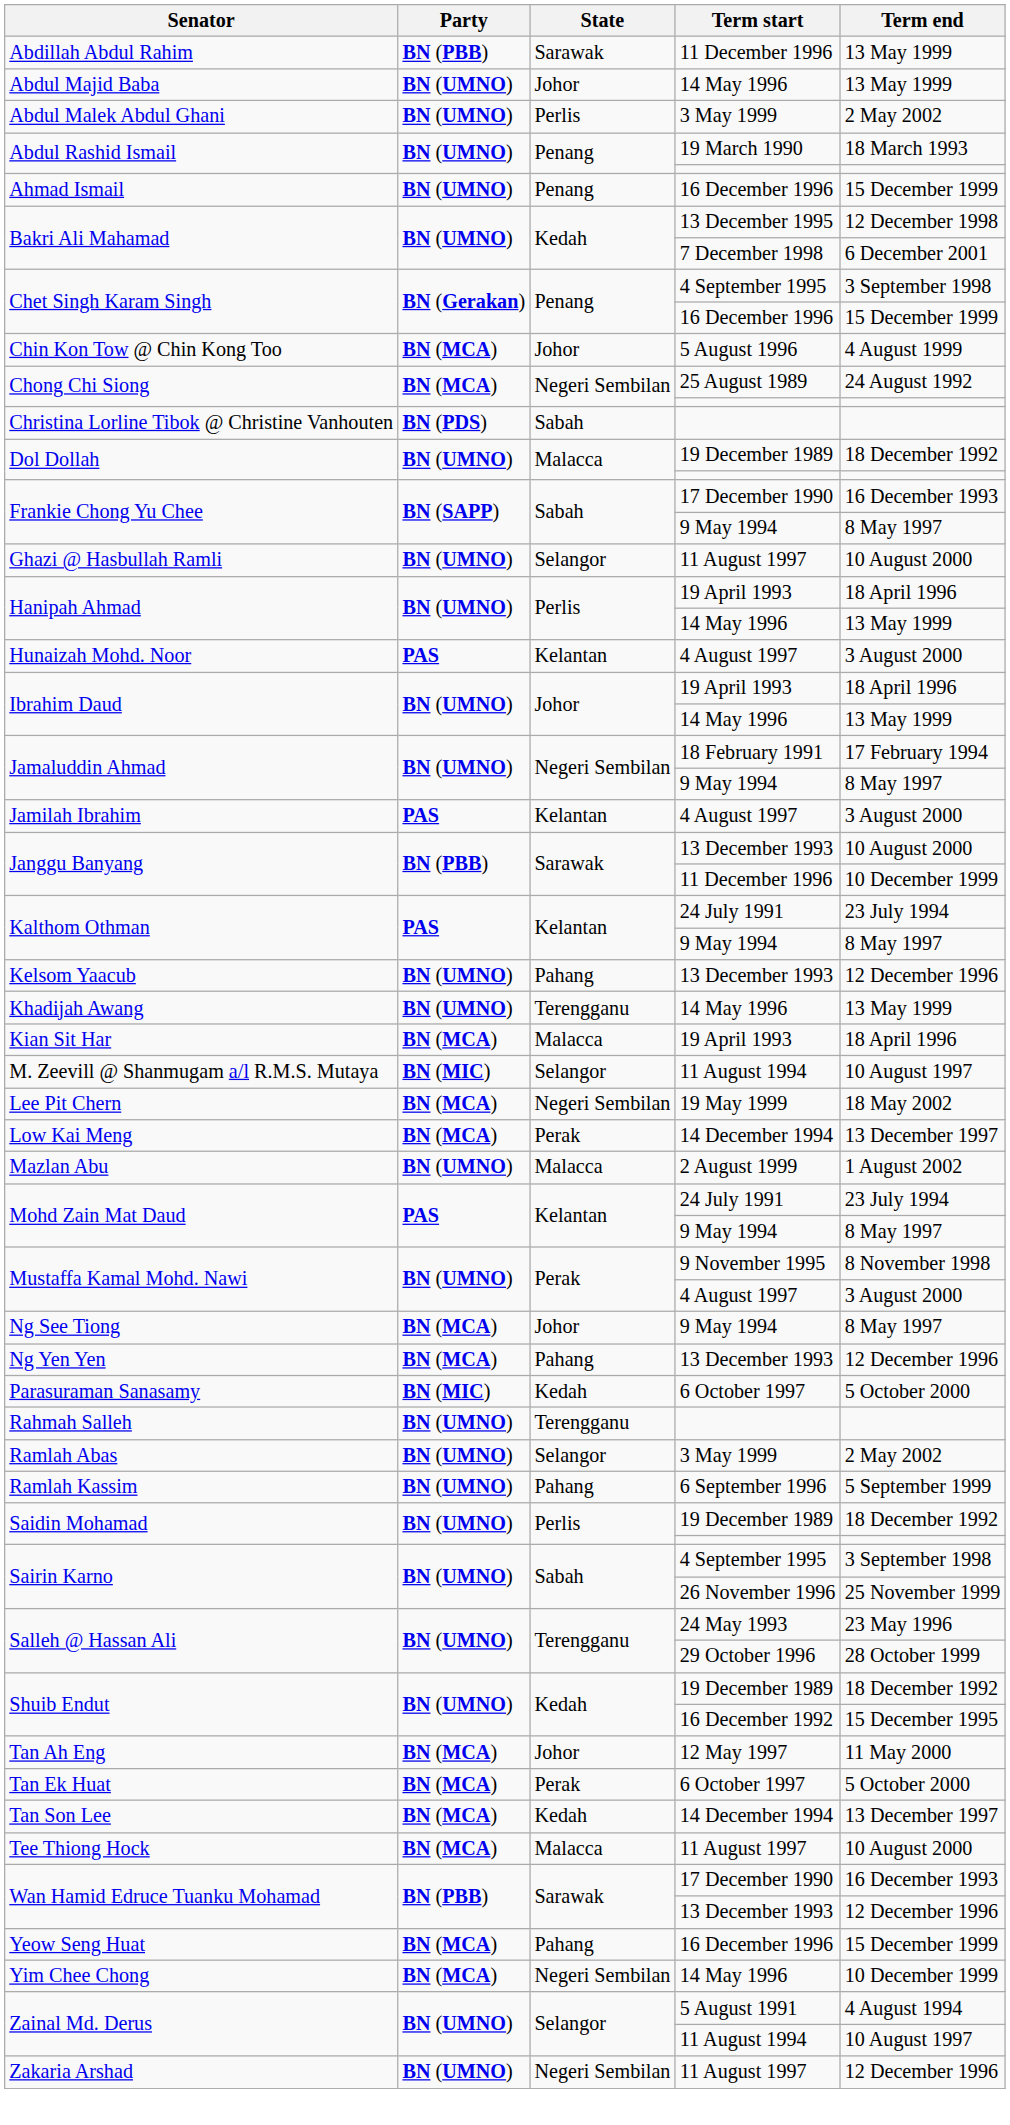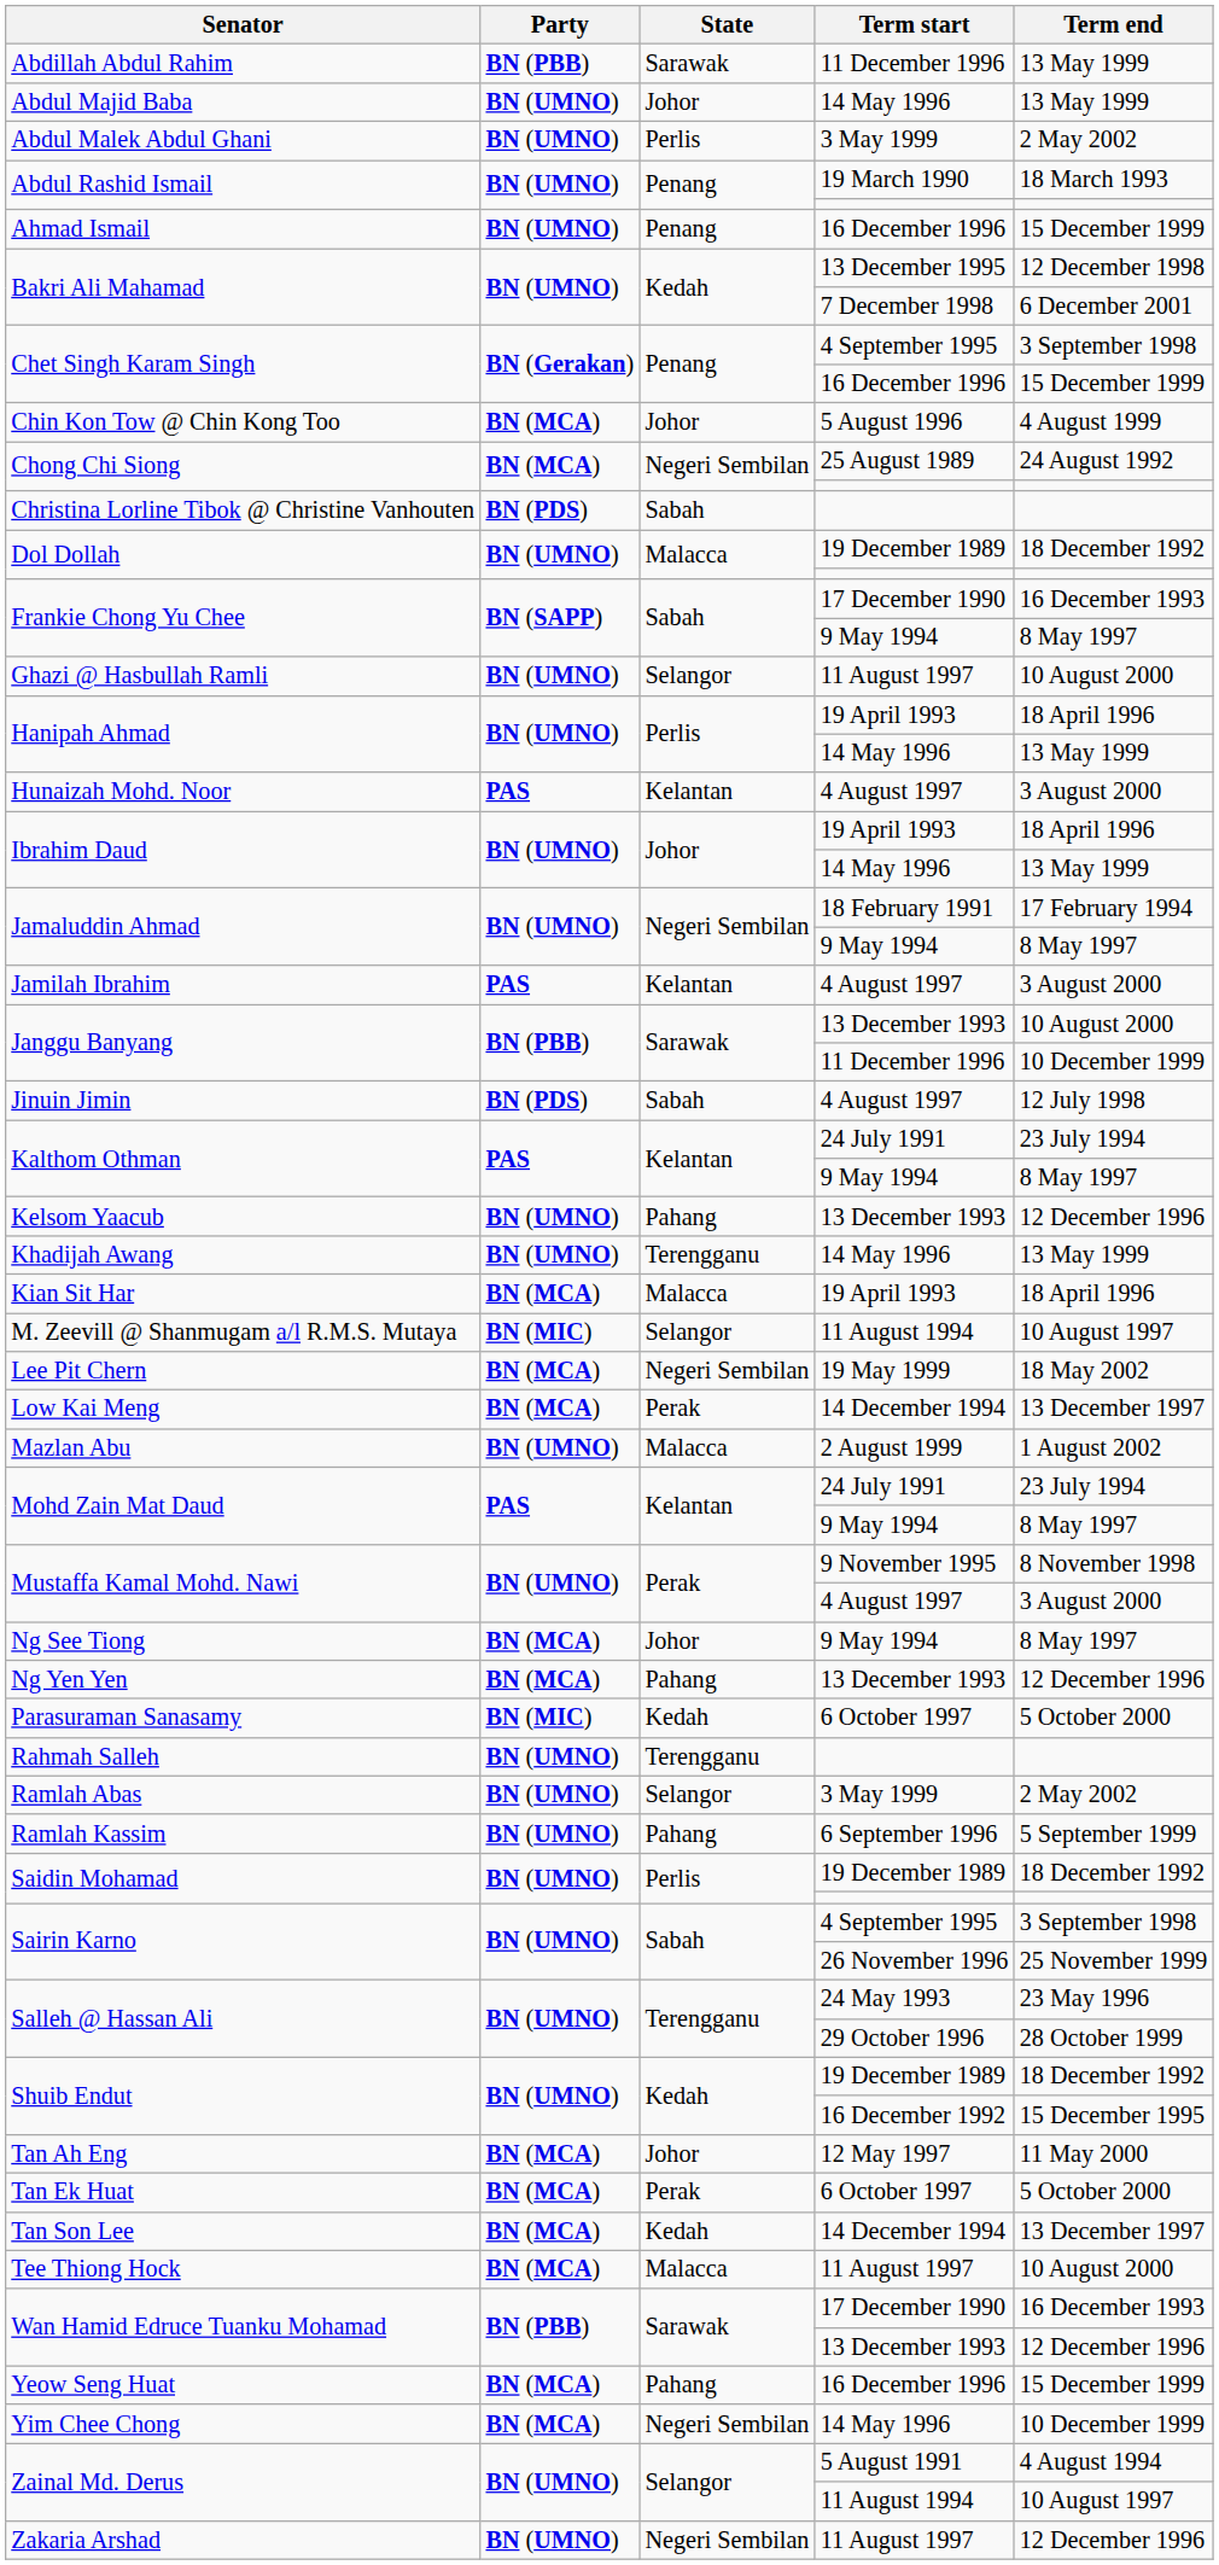 <table class="wikitable sortable">
 <tr>
 <th>Senator</th>
 <th>Party</th>
 <th>State</th>
 <th>Term start</th>
 <th>Term end</th>
 </tr>
 <tr>
 <td><a href='#'>Abdillah Abdul Rahim</a></td>
 <td><strong><a href='#'>BN</a></strong> (<strong><a href='#'>PBB</a></strong>)</td>
 <td>Sarawak</td>
 <td>11 December 1996</td>
 <td>13 May 1999</td>
 </tr>
 <tr>
 <td><a href='#'>Abdul Majid Baba</a></td>
 <td><strong><a href='#'>BN</a></strong> (<strong><a href='#'>UMNO</a></strong>)</td>
 <td>Johor</td>
 <td>14 May 1996</td>
 <td>13 May 1999</td>
 </tr>
 <tr>
 <td><a href='#'>Abdul Malek Abdul Ghani</a></td>
 <td><strong><a href='#'>BN</a></strong> (<strong><a href='#'>UMNO</a></strong>)</td>
 <td>Perlis</td>
 <td>3 May 1999</td>
 <td>2 May 2002</td>
 </tr>
 <tr>
 <td rowspan=2><a href='#'>Abdul Rashid Ismail</a></td>
 <td rowspan=2><strong><a href='#'>BN</a></strong> (<strong><a href='#'>UMNO</a></strong>)</td>
 <td rowspan=2>Penang</td>
 <td>19 March 1990</td>
 <td>18 March 1993</td>
 </tr>
 <tr>
 <td></td>
 <td></td>
 </tr>
 <tr>
 <td><a href='#'>Ahmad Ismail</a></td>
 <td><strong><a href='#'>BN</a></strong> (<strong><a href='#'>UMNO</a></strong>)</td>
 <td>Penang</td>
 <td>16 December 1996</td>
 <td>15 December 1999</td>
 </tr>
 <tr>
 <td rowspan=2><a href='#'>Bakri Ali Mahamad</a></td>
 <td rowspan=2><strong><a href='#'>BN</a></strong> (<strong><a href='#'>UMNO</a></strong>)</td>
 <td rowspan=2>Kedah</td>
 <td>13 December 1995</td>
 <td>12 December 1998</td>
 </tr>
 <tr>
 <td>7 December 1998</td>
 <td>6 December 2001</td>
 </tr>
 <tr>
 <td rowspan=2><a href='#'>Chet Singh Karam Singh</a></td>
 <td rowspan=2><strong><a href='#'>BN</a></strong> (<strong><a href='#'>Gerakan</a></strong>)</td>
 <td rowspan=2>Penang</td>
 <td>4 September 1995</td>
 <td>3 September 1998</td>
 </tr>
 <tr>
 <td>16 December 1996</td>
 <td>15 December 1999</td>
 </tr>
 <tr>
 <td><a href='#'>Chin Kon Tow</a> @ Chin Kong Too</td>
 <td><strong><a href='#'>BN</a></strong> (<strong><a href='#'>MCA</a></strong>)</td>
 <td>Johor</td>
 <td>5 August 1996</td>
 <td>4 August 1999</td>
 </tr>
 <tr>
 <td rowspan=2><a href='#'>Chong Chi Siong</a></td>
 <td rowspan=2><strong><a href='#'>BN</a></strong> (<strong><a href='#'>MCA</a></strong>)</td>
 <td rowspan=2>Negeri Sembilan</td>
 <td>25 August 1989</td>
 <td>24 August 1992</td>
 </tr>
 <tr>
 <td></td>
 <td></td>
 </tr>
 <tr>
 <td><a href='#'>Christina Lorline Tibok</a> @ Christine Vanhouten</td>
 <td><strong><a href='#'>BN</a></strong> (<strong><a href='#'>PDS</a></strong>)</td>
 <td>Sabah</td>
 <td></td>
 <td></td>
 </tr>
 <tr>
 <td rowspan=2><a href='#'>Dol Dollah</a></td>
 <td rowspan=2><strong><a href='#'>BN</a></strong> (<strong><a href='#'>UMNO</a></strong>)</td>
 <td rowspan=2>Malacca</td>
 <td>19 December 1989</td>
 <td>18 December 1992</td>
 </tr>
 <tr>
 <td></td>
 <td></td>
 </tr>
 <tr>
 <td rowspan=2><a href='#'>Frankie Chong Yu Chee</a></td>
 <td rowspan=2><strong><a href='#'>BN</a></strong> (<strong><a href='#'>SAPP</a></strong>)</td>
 <td rowspan=2>Sabah</td>
 <td>17 December 1990</td>
 <td>16 December 1993</td>
 </tr>
 <tr>
 <td>9 May 1994</td>
 <td>8 May 1997</td>
 </tr>
 <tr>
 <td><a href='#'>Ghazi @ Hasbullah Ramli</a></td>
 <td><strong><a href='#'>BN</a></strong> (<strong><a href='#'>UMNO</a></strong>)</td>
 <td>Selangor</td>
 <td>11 August 1997</td>
 <td>10 August 2000</td>
 </tr>
 <tr>
 <td rowspan=2><a href='#'>Hanipah Ahmad</a></td>
 <td rowspan=2><strong><a href='#'>BN</a></strong> (<strong><a href='#'>UMNO</a></strong>)</td>
 <td rowspan=2>Perlis</td>
 <td>19 April 1993</td>
 <td>18 April 1996</td>
 </tr>
 <tr>
 <td>14 May 1996</td>
 <td>13 May 1999</td>
 </tr>
 <tr>
 <td><a href='#'>Hunaizah Mohd. Noor</a></td>
 <td><strong><a href='#'>PAS</a></strong></td>
 <td>Kelantan</td>
 <td>4 August 1997</td>
 <td>3 August 2000</td>
 </tr>
 <tr>
 <td rowspan=2><a href='#'>Ibrahim Daud</a></td>
 <td rowspan=2><strong><a href='#'>BN</a></strong> (<strong><a href='#'>UMNO</a></strong>)</td>
 <td rowspan=2>Johor</td>
 <td>19 April 1993</td>
 <td>18 April 1996</td>
 </tr>
 <tr>
 <td>14 May 1996</td>
 <td>13 May 1999</td>
 </tr>
 <tr>
 <td rowspan=2><a href='#'>Jamaluddin Ahmad</a></td>
 <td rowspan=2><strong><a href='#'>BN</a></strong> (<strong><a href='#'>UMNO</a></strong>)</td>
 <td rowspan=2>Negeri Sembilan</td>
 <td>18 February 1991</td>
 <td>17 February 1994</td>
 </tr>
 <tr>
 <td>9 May 1994</td>
 <td>8 May 1997</td>
 </tr>
 <tr>
 <td><a href='#'>Jamilah Ibrahim</a></td>
 <td><strong><a href='#'>PAS</a></strong></td>
 <td>Kelantan</td>
 <td>4 August 1997</td>
 <td>3 August 2000</td>
 </tr>
 <tr>
 <td rowspan=2><a href='#'>Janggu Banyang</a></td>
 <td rowspan=2><strong><a href='#'>BN</a></strong> (<strong><a href='#'>PBB</a></strong>)</td>
 <td rowspan=2>Sarawak</td>
 <td>13 December 1993</td>
 <td>10 August 2000</td>
 </tr>
 <tr>
 <td>11 December 1996</td>
 <td>10 December 1999</td>
+</tr>
+<tr>
+<td><a href='#'>Jinuin Jimin</a></td>
+<td><strong><a href='#'>BN</a></strong> (<strong><a href='#'>PDS</a></strong>)</td>
+<td>Sabah</td>
+<td>4 August 1997</td>
+<td>12 July 1998</td>
 </tr>
 <tr>
 <td rowspan=2><a href='#'>Kalthom Othman</a></td>
 <td rowspan=2><strong><a href='#'>PAS</a></strong></td>
 <td rowspan=2>Kelantan</td>
 <td>24 July 1991</td>
 <td>23 July 1994</td>
 </tr>
 <tr>
 <td>9 May 1994</td>
 <td>8 May 1997</td>
 </tr>
 <tr>
 <td><a href='#'>Kelsom Yaacub</a></td>
 <td><strong><a href='#'>BN</a></strong> (<strong><a href='#'>UMNO</a></strong>)</td>
 <td>Pahang</td>
 <td>13 December 1993</td>
 <td>12 December 1996</td>
 </tr>
 <tr>
 <td><a href='#'>Khadijah Awang</a></td>
 <td><strong><a href='#'>BN</a></strong> (<strong><a href='#'>UMNO</a></strong>)</td>
 <td>Terengganu</td>
 <td>14 May 1996</td>
 <td>13 May 1999</td>
 </tr>
 <tr>
 <td><a href='#'>Kian Sit Har</a></td>
 <td><strong><a href='#'>BN</a></strong> (<strong><a href='#'>MCA</a></strong>)</td>
 <td>Malacca</td>
 <td>19 April 1993</td>
 <td>18 April 1996</td>
 </tr>
 <tr>
 <td>M. Zeevill @ Shanmugam <a href='#'>a/l</a> R.M.S. Mutaya</td>
 <td><strong><a href='#'>BN</a></strong> (<strong><a href='#'>MIC</a></strong>)</td>
 <td>Selangor</td>
 <td>11 August 1994</td>
 <td>10 August 1997</td>
 </tr>
 <tr>
 <td><a href='#'>Lee Pit Chern</a></td>
 <td><strong><a href='#'>BN</a></strong> (<strong><a href='#'>MCA</a></strong>)</td>
 <td>Negeri Sembilan</td>
 <td>19 May 1999</td>
 <td>18 May 2002</td>
 </tr>
 <tr>
 <td><a href='#'>Low Kai Meng</a></td>
 <td><strong><a href='#'>BN</a></strong> (<strong><a href='#'>MCA</a></strong>)</td>
 <td>Perak</td>
 <td>14 December 1994</td>
 <td>13 December 1997</td>
 </tr>
 <tr>
 <td><a href='#'>Mazlan Abu</a></td>
 <td><strong><a href='#'>BN</a></strong> (<strong><a href='#'>UMNO</a></strong>)</td>
 <td>Malacca</td>
 <td>2 August 1999</td>
 <td>1 August 2002</td>
 </tr>
 <tr>
 <td rowspan=2><a href='#'>Mohd Zain Mat Daud</a></td>
 <td rowspan=2><strong><a href='#'>PAS</a></strong></td>
 <td rowspan=2>Kelantan</td>
 <td>24 July 1991</td>
 <td>23 July 1994</td>
 </tr>
 <tr>
 <td>9 May 1994</td>
 <td>8 May 1997</td>
 </tr>
 <tr>
 <td rowspan=2><a href='#'>Mustaffa Kamal Mohd. Nawi</a></td>
 <td rowspan=2><strong><a href='#'>BN</a></strong> (<strong><a href='#'>UMNO</a></strong>)</td>
 <td rowspan=2>Perak</td>
 <td>9 November 1995</td>
 <td>8 November 1998</td>
 </tr>
 <tr>
 <td>4 August 1997</td>
 <td>3 August 2000</td>
 </tr>
 <tr>
 <td><a href='#'>Ng See Tiong</a></td>
 <td><strong><a href='#'>BN</a></strong> (<strong><a href='#'>MCA</a></strong>)</td>
 <td>Johor</td>
 <td>9 May 1994</td>
 <td>8 May 1997</td>
 </tr>
 <tr>
 <td><a href='#'>Ng Yen Yen</a></td>
 <td><strong><a href='#'>BN</a></strong> (<strong><a href='#'>MCA</a></strong>)</td>
 <td>Pahang</td>
 <td>13 December 1993</td>
 <td>12 December 1996</td>
 </tr>
 <tr>
 <td><a href='#'>Parasuraman Sanasamy</a></td>
 <td><strong><a href='#'>BN</a></strong> (<strong><a href='#'>MIC</a></strong>)</td>
 <td>Kedah</td>
 <td>6 October 1997</td>
 <td>5 October 2000</td>
 </tr>
 <tr>
 <td><a href='#'>Rahmah Salleh</a></td>
 <td><strong><a href='#'>BN</a></strong> (<strong><a href='#'>UMNO</a></strong>)</td>
 <td>Terengganu</td>
 <td></td>
 <td></td>
 </tr>
 <tr>
 <td><a href='#'>Ramlah Abas</a></td>
 <td><strong><a href='#'>BN</a></strong> (<strong><a href='#'>UMNO</a></strong>)</td>
 <td>Selangor</td>
 <td>3 May 1999</td>
 <td>2 May 2002</td>
 </tr>
 <tr>
 <td><a href='#'>Ramlah Kassim</a></td>
 <td><strong><a href='#'>BN</a></strong> (<strong><a href='#'>UMNO</a></strong>)</td>
 <td>Pahang</td>
 <td>6 September 1996</td>
 <td>5 September 1999</td>
 </tr>
 <tr>
 <td rowspan=2><a href='#'>Saidin Mohamad</a></td>
 <td rowspan=2><strong><a href='#'>BN</a></strong> (<strong><a href='#'>UMNO</a></strong>)</td>
 <td rowspan=2>Perlis</td>
 <td>19 December 1989</td>
 <td>18 December 1992</td>
 </tr>
 <tr>
 <td></td>
 <td></td>
 </tr>
 <tr>
 <td rowspan=2><a href='#'>Sairin Karno</a></td>
 <td rowspan=2><strong><a href='#'>BN</a></strong> (<strong><a href='#'>UMNO</a></strong>)</td>
 <td rowspan=2>Sabah</td>
 <td>4 September 1995</td>
 <td>3 September 1998</td>
 </tr>
 <tr>
 <td>26 November 1996</td>
 <td>25 November 1999</td>
 </tr>
 <tr>
 <td rowspan=2><a href='#'>Salleh @ Hassan Ali</a></td>
 <td rowspan=2><strong><a href='#'>BN</a></strong> (<strong><a href='#'>UMNO</a></strong>)</td>
 <td rowspan=2>Terengganu</td>
 <td>24 May 1993</td>
 <td>23 May 1996</td>
 </tr>
 <tr>
 <td>29 October 1996</td>
 <td>28 October 1999</td>
 </tr>
 <tr>
 <td rowspan=2><a href='#'>Shuib Endut</a></td>
 <td rowspan=2><strong><a href='#'>BN</a></strong> (<strong><a href='#'>UMNO</a></strong>)</td>
 <td rowspan=2>Kedah</td>
 <td>19 December 1989</td>
 <td>18 December 1992</td>
 </tr>
 <tr>
 <td>16 December 1992</td>
 <td>15 December 1995</td>
 </tr>
 <tr>
 <td><a href='#'>Tan Ah Eng</a></td>
 <td><strong><a href='#'>BN</a></strong> (<strong><a href='#'>MCA</a></strong>)</td>
 <td>Johor</td>
 <td>12 May 1997</td>
 <td>11 May 2000</td>
 </tr>
 <tr>
 <td><a href='#'>Tan Ek Huat</a></td>
 <td><strong><a href='#'>BN</a></strong> (<strong><a href='#'>MCA</a></strong>)</td>
 <td>Perak</td>
 <td>6 October 1997</td>
 <td>5 October 2000</td>
 </tr>
 <tr>
 <td><a href='#'>Tan Son Lee</a></td>
 <td><strong><a href='#'>BN</a></strong> (<strong><a href='#'>MCA</a></strong>)</td>
 <td>Kedah</td>
 <td>14 December 1994</td>
 <td>13 December 1997</td>
 </tr>
 <tr>
 <td><a href='#'>Tee Thiong Hock</a></td>
 <td><strong><a href='#'>BN</a></strong> (<strong><a href='#'>MCA</a></strong>)</td>
 <td>Malacca</td>
 <td>11 August 1997</td>
 <td>10 August 2000</td>
 </tr>
 <tr>
 <td rowspan=2><a href='#'>Wan Hamid Edruce Tuanku Mohamad</a></td>
 <td rowspan=2><strong><a href='#'>BN</a></strong> (<strong><a href='#'>PBB</a></strong>)</td>
 <td rowspan=2>Sarawak</td>
 <td>17 December 1990</td>
 <td>16 December 1993</td>
 </tr>
 <tr>
 <td>13 December 1993</td>
 <td>12 December 1996</td>
 </tr>
 <tr>
 <td><a href='#'>Yeow Seng Huat</a></td>
 <td><strong><a href='#'>BN</a></strong> (<strong><a href='#'>MCA</a></strong>)</td>
 <td>Pahang</td>
 <td>16 December 1996</td>
 <td>15 December 1999</td>
 </tr>
 <tr>
 <td><a href='#'>Yim Chee Chong</a></td>
 <td><strong><a href='#'>BN</a></strong> (<strong><a href='#'>MCA</a></strong>)</td>
 <td>Negeri Sembilan</td>
 <td>14 May 1996</td>
 <td>10 December 1999</td>
 </tr>
 <tr>
 <td rowspan=2><a href='#'>Zainal Md. Derus</a></td>
 <td rowspan=2><strong><a href='#'>BN</a></strong> (<strong><a href='#'>UMNO</a></strong>)</td>
 <td rowspan=2>Selangor</td>
 <td>5 August 1991</td>
 <td>4 August 1994</td>
 </tr>
 <tr>
 <td>11 August 1994</td>
 <td>10 August 1997</td>
 </tr>
 <tr>
 <td><a href='#'>Zakaria Arshad</a></td>
 <td><strong><a href='#'>BN</a></strong> (<strong><a href='#'>UMNO</a></strong>)</td>
 <td>Negeri Sembilan</td>
 <td>11 August 1997</td>
 <td>12 December 1996</td>
 </tr>
 </table>
